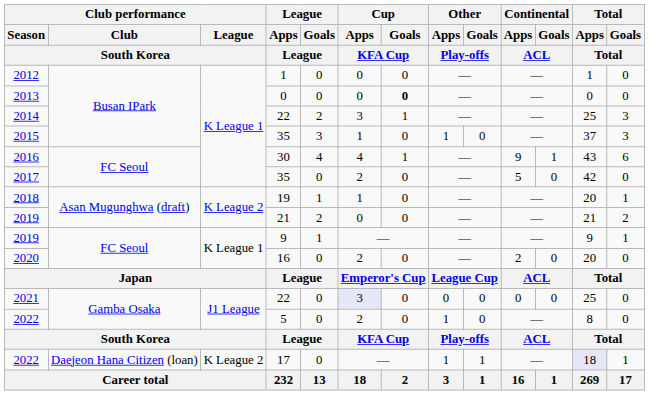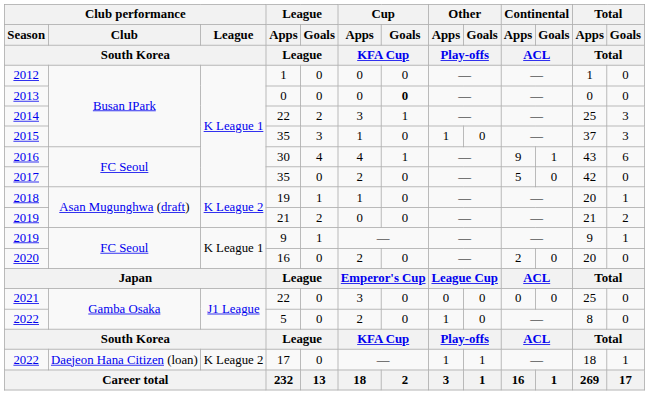 <table class="wikitable" style="text-align:center">
 <tr>
 <th colspan=3>Club performance</th>
 <th colspan=2>League</th>
 <th colspan=2>Cup</th>
 <th colspan=2>Other</th>
 <th colspan=2>Continental</th>
 <th colspan=2>Total</th>
 </tr>
 <tr>
 <th>Season</th>
 <th>Club</th>
 <th>League</th>
 <th>Apps</th>
 <th>Goals</th>
 <th>Apps</th>
 <th>Goals</th>
 <th>Apps</th>
 <th>Goals</th>
 <th>Apps</th>
 <th>Goals</th>
 <th>Apps</th>
 <th>Goals</th>
 </tr>
 <tr>
 <th colspan=3>South Korea</th>
 <th colspan=2>League</th>
 <th colspan=2><a href='#'>KFA Cup</a></th>
 <th colspan=2><a href='#'>Play-offs</a></th>
 <th colspan=2><a href='#'>ACL</a></th>
 <th colspan=2>Total</th>
 </tr>
 <tr>
 <td><a href='#'>2012</a></td>
 <td rowspan="4"><a href='#'>Busan IPark</a></td>
 <td rowspan="6"><a href='#'>K League 1</a></td>
 <td>1</td>
 <td>0</td>
 <td>0</td>
 <td>0</td>
 <td colspan=2>—</td>
 <td colspan=2>—</td>
 <td>1</td>
 <td>0</td>
 </tr>
 <tr>
 <td><a href='#'>2013</a></td>
 <td>0</td>
 <td>0</td>
 <td>0</td>
 <td><strong>0</strong></td>
 <td colspan=2>—</td>
 <td colspan=2>—</td>
 <td>0</td>
 <td>0</td>
 </tr>
 <tr>
 <td><a href='#'>2014</a></td>
 <td>22</td>
 <td>2</td>
 <td>3</td>
 <td>1</td>
 <td colspan=2>—</td>
 <td colspan=2>—</td>
 <td>25</td>
 <td>3</td>
 </tr>
 <tr>
 <td><a href='#'>2015</a></td>
 <td>35</td>
 <td>3</td>
 <td>1</td>
 <td>0</td>
 <td>1</td>
 <td>0</td>
 <td colspan=2>—</td>
 <td>37</td>
 <td>3</td>
 </tr>
 <tr>
 <td><a href='#'>2016</a></td>
 <td rowspan="2"><a href='#'>FC Seoul</a></td>
 <td>30</td>
 <td>4</td>
 <td>4</td>
 <td>1</td>
 <td colspan=2>—</td>
 <td>9</td>
 <td>1</td>
 <td>43</td>
 <td>6</td>
 </tr>
 <tr>
 <td><a href='#'>2017</a></td>
 <td>35</td>
 <td>0</td>
 <td>2</td>
 <td>0</td>
 <td colspan=2>—</td>
 <td>5</td>
 <td>0</td>
 <td>42</td>
 <td>0</td>
 </tr>
 <tr>
 <td><a href='#'>2018</a></td>
 <td rowspan="2"><a href='#'>Asan Mugunghwa</a> (<a href='#'>draft</a>)</td>
 <td rowspan="2"><a href='#'>K League 2</a></td>
 <td>19</td>
 <td>1</td>
 <td>1</td>
 <td>0</td>
 <td colspan=2>—</td>
 <td colspan=2>—</td>
 <td>20</td>
 <td>1</td>
 </tr>
 <tr>
 <td><a href='#'>2019</a></td>
 <td>21</td>
 <td>2</td>
 <td>0</td>
 <td>0</td>
 <td colspan=2>—</td>
 <td colspan=2>—</td>
 <td>21</td>
 <td>2</td>
 </tr>
 <tr>
 <td><a href='#'>2019</a></td>
 <td rowspan="2"><a href='#'>FC Seoul</a></td>
 <td rowspan="2">K League 1</td>
 <td>9</td>
 <td>1</td>
 <td colspan=2>—</td>
 <td colspan=2>—</td>
 <td colspan=2>—</td>
 <td>9</td>
 <td>1</td>
 </tr>
 <tr>
 <td><a href='#'>2020</a></td>
 <td>16</td>
 <td>0</td>
 <td>2</td>
 <td>0</td>
 <td colspan=2>—</td>
 <td>2</td>
 <td>0</td>
 <td>20</td>
 <td>0</td>
 </tr>
 <tr>
 <th colspan=3>Japan</th>
 <th colspan=2>League</th>
 <th colspan=2><a href='#'>Emperor's Cup</a></th>
 <th colspan=2><a href='#'>League Cup</a></th>
 <th colspan=2><a href='#'>ACL</a></th>
 <th colspan=2>Total</th>
 </tr>
 <tr>
 <td><a href='#'>2021</a></td>
 <td rowspan="2"><a href='#'>Gamba Osaka</a></td>
 <td rowspan="2"><a href='#'>J1 League</a></td>
 <td>22</td>
 <td>0</td>
-<td style="background: lavender;">3</td>
+<td>3</td>
 <td>0</td>
 <td>0</td>
 <td>0</td>
 <td>0</td>
 <td>0</td>
 <td>25</td>
 <td>0</td>
 </tr>
 <tr>
 <td><a href='#'>2022</a></td>
 <td>5</td>
 <td>0</td>
 <td>2</td>
 <td>0</td>
 <td>1</td>
 <td>0</td>
 <td colspan=2>—</td>
 <td>8</td>
 <td>0</td>
 </tr>
 <tr>
 <th colspan=3>South Korea</th>
 <th colspan=2>League</th>
 <th colspan=2><a href='#'>KFA Cup</a></th>
 <th colspan=2><a href='#'>Play-offs</a></th>
 <th colspan=2><a href='#'>ACL</a></th>
 <th colspan=2>Total</th>
 </tr>
 <tr>
 <td><a href='#'>2022</a></td>
 <td rowspan="1"><a href='#'>Daejeon Hana Citizen</a> (loan)</td>
 <td rowspan="1">K League 2</td>
 <td>17</td>
 <td>0</td>
 <td colspan=2>—</td>
 <td>1</td>
 <td>1</td>
 <td colspan=2>—</td>
-<td style="background: lavender;">18</td>
+<td>18</td>
 <td>1</td>
 </tr>
 <tr>
 <th colspan=3>Career total</th>
 <th>232</th>
 <th>13</th>
 <th>18</th>
 <th>2</th>
 <th>3</th>
 <th>1</th>
 <th>16</th>
 <th>1</th>
 <th>269</th>
 <th>17</th>
 </tr>
 </table>
